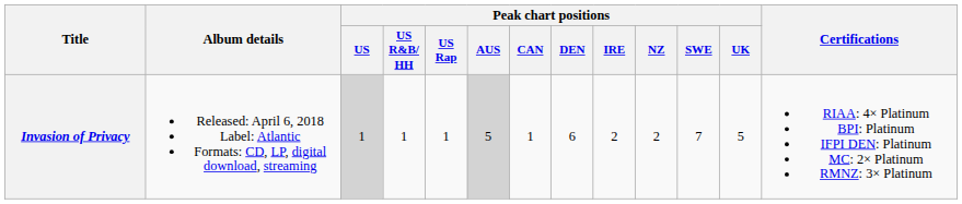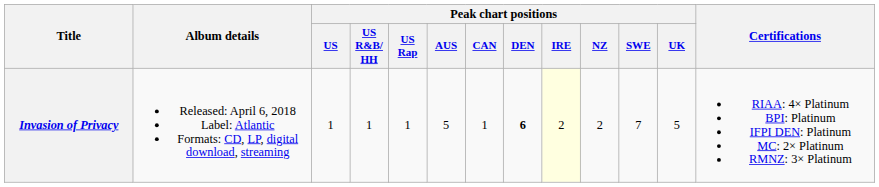 <table class="wikitable plainrowheaders" style="text-align:center;">
 <tr>
 <th scope="col" rowspan="2" style="width:10em;">Title</th>
 <th scope="col" rowspan="2" style="width:14em;">Album details</th>
 <th scope="col" colspan="10">Peak chart positions</th>
 <th scope="col" rowspan="2" style="width:14em;"><a href='#'>Certifications</a></th>
 </tr>
 <tr>
 <th scope="col" style="width:3em;font-size:90%;"><a href='#'>US</a><br></th>
 <th scope="col" style="width:3em;font-size:90%;"><a href='#'>US<br>R&B/<br>HH</a><br></th>
 <th scope="col" style="width:3em;font-size:90%;"><a href='#'>US<br>Rap</a><br></th>
 <th scope="col" style="width:3em;font-size:90%;"><a href='#'>AUS</a><br></th>
 <th scope="col" style="width:3em;font-size:90%;"><a href='#'>CAN</a><br></th>
 <th scope="col" style="width:3em;font-size:90%;"><a href='#'>DEN</a><br></th>
 <th scope="col" style="width:3em;font-size:90%;"><a href='#'>IRE</a><br></th>
 <th scope="col" style="width:3em;font-size:90%;"><a href='#'>NZ</a><br></th>
 <th scope="col" style="width:3em;font-size:90%;"><a href='#'>SWE</a><br></th>
 <th scope="col" style="width:3em;font-size:90%;"><a href='#'>UK</a><br></th>
 </tr>
 <tr>
 <th scope="row"><em><a href='#'>Invasion of Privacy</a></em></th>
 <td><br><ul><li>Released: April 6, 2018</li><li>Label: <a href='#'>Atlantic</a></li><li>Formats: <a href='#'>CD</a>, <a href='#'>LP</a>, <a href='#'>digital download</a>,  <a href='#'>streaming</a></li></ul></td>
-<td style="background: lightgrey;">1</td>
 <td>1</td>
 <td>1</td>
-<td style="background: lightgrey;">5</td>
 <td>1</td>
-<td>6</td>
-<td>2</td>
+<td>5</td>
+<td>1</td>
+<td><strong>6</strong></td>
+<td style="background: lightyellow;">2</td>
 <td>2</td>
 <td>7</td>
 <td>5</td>
 <td><br><ul><li><a href='#'>RIAA</a>: 4× Platinum</li><li><a href='#'>BPI</a>: Platinum</li><li><a href='#'>IFPI DEN</a>: Platinum</li><li><a href='#'>MC</a>: 2× Platinum</li><li><a href='#'>RMNZ</a>: 3× Platinum</li></ul></td>
 </tr>
 </table>
